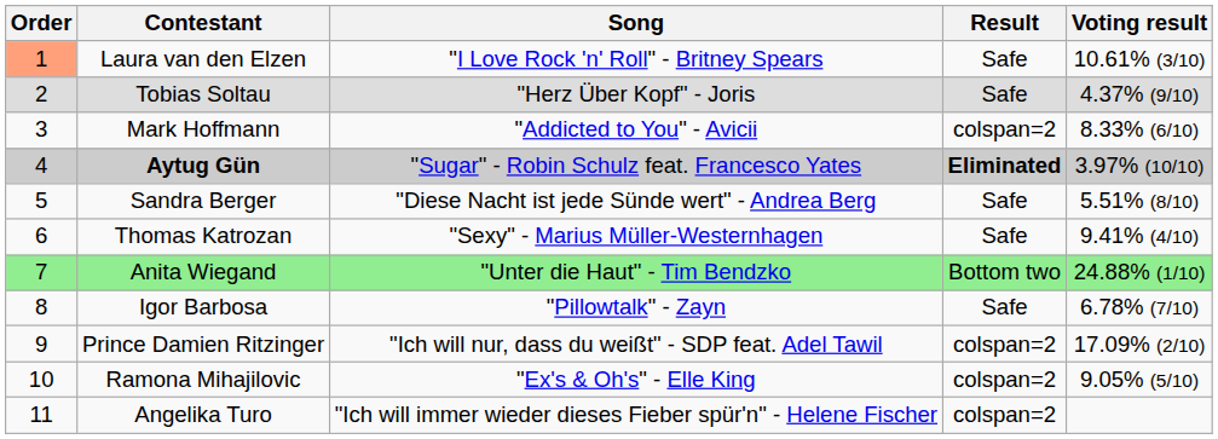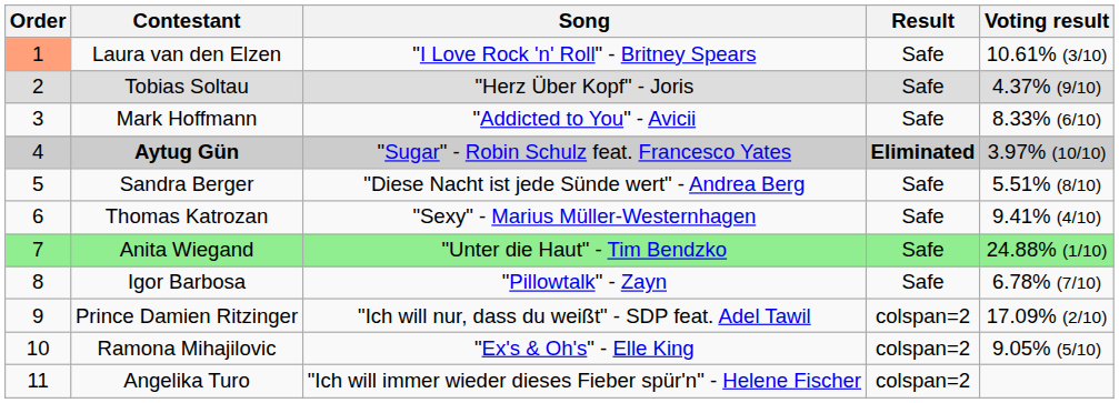 <table class="wikitable" style="text-align:center;">
 <tr>
 <th>Order</th>
 <th>Contestant</th>
 <th>Song</th>
 <th>Result</th>
 <th>Voting result</th>
 </tr>
 <tr>
 <td style="background: lightsalmon;">1</td>
 <td>Laura van den Elzen</td>
 <td>"<a href='#'>I Love Rock 'n' Roll</a>" - <a href='#'>Britney Spears</a></td>
 <td>Safe</td>
 <td>10.61% <small>(3/10)</small></td>
 </tr>
 <tr bgcolor="#dddddd">
 <td>2</td>
 <td>Tobias Soltau</td>
 <td>"Herz Über Kopf" - Joris</td>
 <td>Safe</td>
 <td>4.37% <small>(9/10)</small></td>
 </tr>
 <tr>
 <td>3</td>
 <td>Mark Hoffmann</td>
 <td>"<a href='#'>Addicted to You</a>" - <a href='#'>Avicii</a></td>
-<td>colspan=2 </td>
+<td>Safe</td>
 <td>8.33% <small>(6/10)</small></td>
 </tr>
 <tr bgcolor="#cccccc">
 <td>4</td>
 <td><strong>Aytug Gün</strong></td>
 <td>"<a href='#'>Sugar</a>" - <a href='#'>Robin Schulz</a> feat. <a href='#'>Francesco Yates</a></td>
 <td><strong>Eliminated</strong></td>
 <td>3.97% <small>(10/10)</small></td>
 </tr>
 <tr>
 <td>5</td>
 <td>Sandra Berger</td>
 <td>"Diese Nacht ist jede Sünde wert" - <a href='#'>Andrea Berg</a></td>
 <td>Safe</td>
 <td>5.51% <small>(8/10)</small></td>
 </tr>
 <tr>
 <td>6</td>
 <td>Thomas Katrozan</td>
 <td>"Sexy" - <a href='#'>Marius Müller-Westernhagen</a></td>
 <td>Safe</td>
 <td>9.41% <small>(4/10)</small></td>
 </tr>
 <tr bgcolor="lightgreen">
 <td>7</td>
 <td>Anita Wiegand</td>
 <td>"Unter die Haut" - <a href='#'>Tim Bendzko</a></td>
-<td>Bottom two</td>
+<td>Safe</td>
 <td>24.88% <small>(1/10)</small></td>
 </tr>
 <tr>
 <td>8</td>
 <td>Igor Barbosa</td>
 <td>"<a href='#'>Pillowtalk</a>" - <a href='#'>Zayn</a></td>
 <td>Safe</td>
 <td>6.78% <small>(7/10)</small></td>
 </tr>
 <tr>
 <td>9</td>
 <td>Prince Damien Ritzinger</td>
 <td>"Ich will nur, dass du weißt" - SDP feat. <a href='#'>Adel Tawil</a></td>
 <td>colspan=2 </td>
 <td>17.09% <small>(2/10)</small></td>
 </tr>
 <tr>
 <td>10</td>
 <td>Ramona Mihajilovic</td>
 <td>"<a href='#'>Ex's & Oh's</a>" - <a href='#'>Elle King</a></td>
 <td>colspan=2 </td>
 <td>9.05% <small>(5/10)</small></td>
 </tr>
 <tr>
 <td>11</td>
 <td>Angelika Turo</td>
 <td>"Ich will immer wieder dieses Fieber spür'n" - <a href='#'>Helene Fischer</a></td>
 <td>colspan=2 </td>
 </tr>
 </table>
